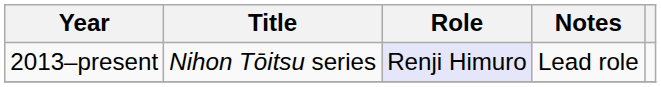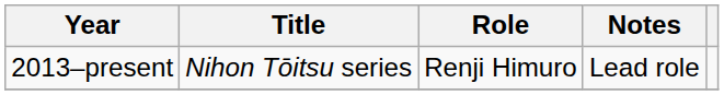 <table class="wikitable">
 <tr>
 <th>Year</th>
 <th>Title</th>
 <th>Role</th>
 <th>Notes</th>
 <th></th>
 </tr>
 <tr>
 <td>2013–present</td>
 <td><em>Nihon Tōitsu</em> series</td>
-<td style="background: lavender;">Renji Himuro</td>
+<td>Renji Himuro</td>
 <td>Lead role</td>
 <td></td>
 </tr>
 <tr>
 </tr>
 </table>
